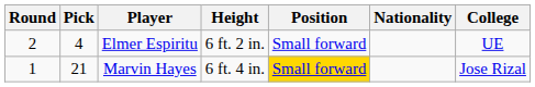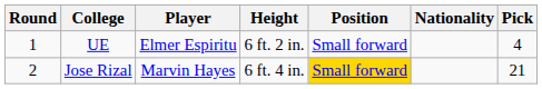 <table class="wikitable sortable sortable">
 <tr>
 <th>Round</th>
-<th>Pick</th>
+<th>College</th>
 <th>Player</th>
 <th>Height</th>
 <th>Position</th>
 <th>Nationality</th>
-<th>College</th>
+<th>Pick</th>
 </tr>
 <tr style="text-align: center">
-<td>2</td>
-<td>4</td>
+<td>1</td>
+<td><a href='#'>UE</a></td>
 <td><a href='#'>Elmer Espiritu</a></td>
 <td>6 ft. 2 in.</td>
 <td><a href='#'>Small forward</a></td>
 <td></td>
-<td><a href='#'>UE</a></td>
+<td>4</td>
 </tr>
 <tr style="text-align: center">
-<td>1</td>
-<td>21</td>
+<td>2</td>
+<td><a href='#'>Jose Rizal</a></td>
 <td><a href='#'>Marvin Hayes</a></td>
 <td>6 ft. 4 in.</td>
 <td style="background: gold;"><a href='#'>Small forward</a></td>
 <td></td>
-<td><a href='#'>Jose Rizal</a></td>
+<td>21</td>
 </tr>
 </table>
